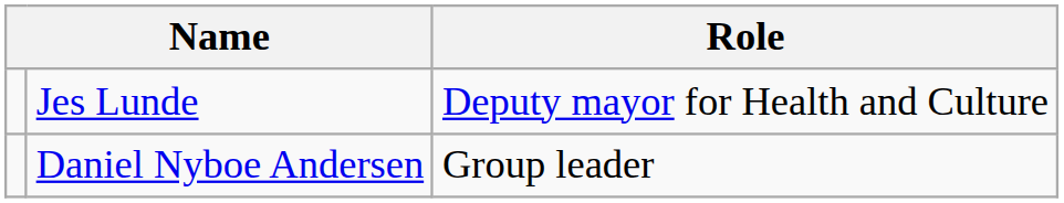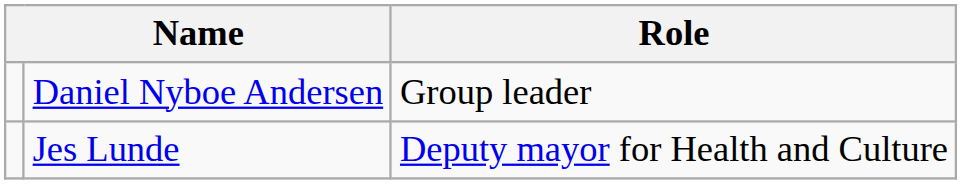 <table class="wikitable">
 <tr>
 <th colspan="2">Name</th>
 <th>Role</th>
 </tr>
 <tr>
 <td width="1"></td>
+<td><a href='#'>Daniel Nyboe Andersen</a></td>
+<td>Group leader</td>
+</tr>
+<tr>
+<td width="1"></td>
 <td><a href='#'>Jes Lunde</a></td>
 <td><a href='#'>Deputy mayor</a> for Health and Culture</td>
 </tr>
-<tr>
-<td width="1"></td>
-<td><a href='#'>Daniel Nyboe Andersen</a></td>
-<td>Group leader</td>
-</tr>
 </table>
